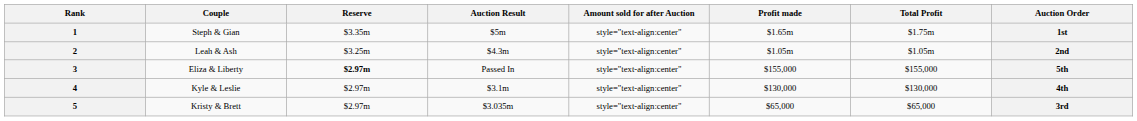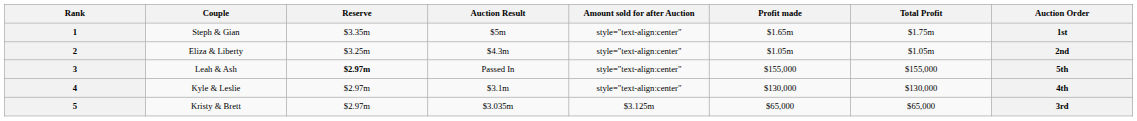 <table class="wikitable sortable" style="text-align: center; font-size: 9pt; line-height:20px; width:99%">
 <tr>
 <th style="width:130px;">Rank</th>
 <th style="width:130px;">Couple</th>
 <th style="width:130px;">Reserve</th>
 <th style="width:130px;">Auction Result</th>
 <th style="width:130px;">Amount sold for after Auction</th>
 <th style="width:130px;">Profit made</th>
 <th style="width:130px;">Total Profit</th>
 <th style="width:130px;">Auction Order</th>
 </tr>
 <tr style="text-align:center">
 <th>1</th>
 <td style="text-align:center">Steph & Gian</td>
 <td style="text-align:center">$3.35m</td>
 <td style="text-align:center">$5m</td>
 <td>style="text-align:center" </td>
 <td style="text-align:center">$1.65m</td>
 <td>$1.75m</td>
 <th style="text-align:center">1st</th>
 </tr>
 <tr>
 <th>2</th>
-<td style="text-align:center">Leah & Ash</td>
+<td style="text-align:center">Eliza & Liberty</td>
 <td style="text-align:center">$3.25m</td>
 <td style="text-align:center">$4.3m</td>
 <td>style="text-align:center" </td>
 <td style="text-align:center">$1.05m</td>
 <td>$1.05m</td>
 <th style="text-align:center">2nd</th>
 </tr>
 <tr>
 <th>3</th>
-<td style="text-align:center">Eliza & Liberty</td>
+<td style="text-align:center">Leah & Ash</td>
 <td style="text-align:center"><strong>$2.97m</strong></td>
 <td style="text-align:center">Passed In</td>
 <td>style="text-align:center" </td>
 <td style="text-align:center">$155,000</td>
 <td>$155,000</td>
 <th style="text-align:center">5th</th>
 </tr>
 <tr>
 <th>4</th>
 <td style="text-align:center">Kyle & Leslie</td>
 <td style="text-align:center">$2.97m</td>
 <td style="text-align:center">$3.1m</td>
 <td>style="text-align:center" </td>
 <td style="text-align:center">$130,000</td>
 <td>$130,000</td>
 <th style="text-align:center">4th</th>
 </tr>
 <tr>
 <th>5</th>
 <td style="text-align:center">Kristy & Brett</td>
 <td style="text-align:center">$2.97m</td>
 <td style="text-align:center">$3.035m</td>
-<td>style="text-align:center" </td>
+<td style="text-align:center">$3.125m</td>
 <td style="text-align:center">$65,000</td>
 <td>$65,000</td>
 <th style="text-align:center">3rd</th>
 </tr>
 </table>
